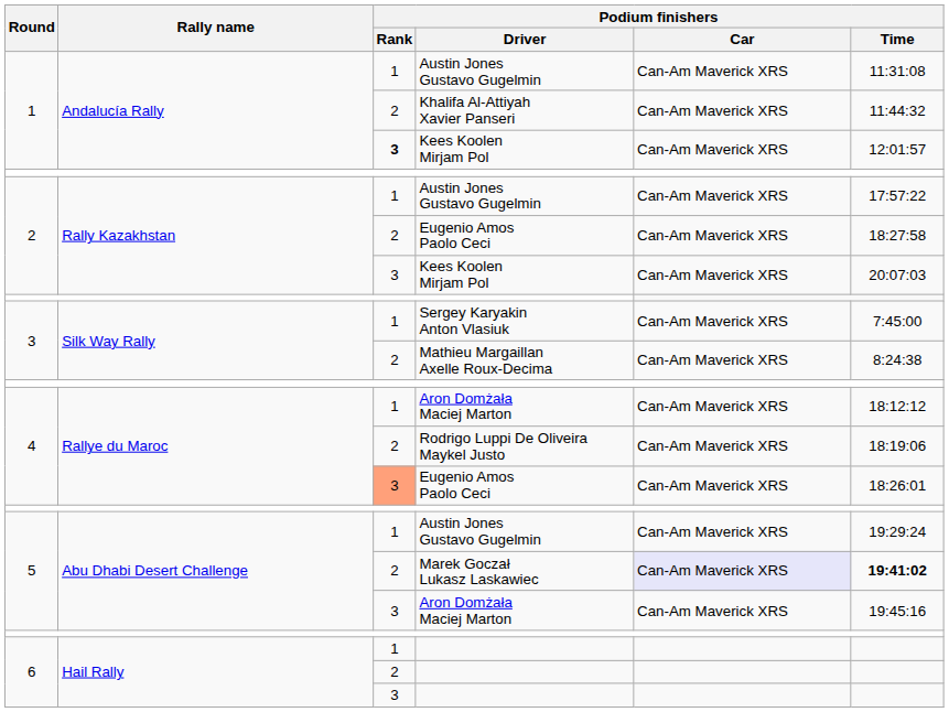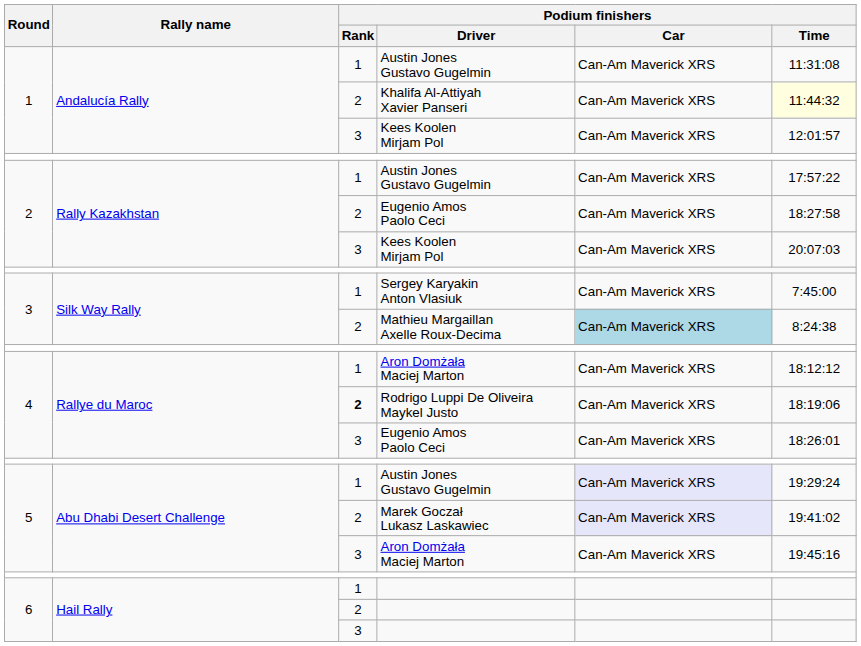 <table class="wikitable" style="font-size:85%;">
 <tr>
 <th rowspan=2>Round</th>
 <th style="width:22em" rowspan=2>Rally name</th>
 <th colspan=4>Podium finishers</th>
 </tr>
 <tr>
 <th>Rank</th>
 <th style="width:15em">Driver</th>
 <th style="width:15em">Car</th>
 <th style="width:6em">Time</th>
 </tr>
 <tr>
 <td rowspan=3 align=center>1</td>
 <td rowspan=3> <a href='#'>Andalucía Rally</a></td>
 <td align=center>1</td>
 <td> Austin Jones <br> Gustavo Gugelmin</td>
 <td>Can-Am Maverick XRS</td>
 <td align=center>11:31:08</td>
 </tr>
 <tr>
 <td align=center>2</td>
 <td> Khalifa Al-Attiyah <br> Xavier Panseri</td>
 <td>Can-Am Maverick XRS</td>
-<td align=center>11:44:32</td>
+<td align=center style="background: lightyellow;">11:44:32</td>
 </tr>
 <tr>
-<td align=center><strong>3</strong></td>
+<td align=center>3</td>
 <td> Kees Koolen <br> Mirjam Pol</td>
 <td>Can-Am Maverick XRS</td>
 <td align=center>12:01:57</td>
 </tr>
 <tr style="background:white;">
 <td colspan=6></td>
 </tr>
 <tr>
 <td rowspan=3 align=center>2</td>
 <td rowspan=3> <a href='#'>Rally Kazakhstan</a></td>
 <td align=center>1</td>
 <td> Austin Jones <br> Gustavo Gugelmin</td>
 <td>Can-Am Maverick XRS</td>
 <td align=center>17:57:22</td>
 </tr>
 <tr>
 <td align=center>2</td>
 <td> Eugenio Amos<br> Paolo Ceci</td>
 <td>Can-Am Maverick XRS</td>
 <td align=center>18:27:58</td>
 </tr>
 <tr>
 <td align=center>3</td>
 <td> Kees Koolen <br> Mirjam Pol</td>
 <td>Can-Am Maverick XRS</td>
 <td align=center>20:07:03</td>
 </tr>
 <tr style="background:white;">
 <td colspan=4></td>
 </tr>
 <tr>
 <td rowspan=2 align=center>3</td>
 <td rowspan=2> <a href='#'>Silk Way Rally</a></td>
 <td align=center>1</td>
 <td> Sergey Karyakin<br> Anton Vlasiuk</td>
 <td>Can-Am Maverick XRS</td>
 <td align=center>7:45:00</td>
 </tr>
 <tr>
 <td align=center>2</td>
 <td> Mathieu Margaillan<br> Axelle Roux-Decima</td>
-<td>Can-Am Maverick XRS</td>
+<td style="background: lightblue;">Can-Am Maverick XRS</td>
 <td align=center>8:24:38</td>
 </tr>
 <tr style="background:white;">
 <td colspan=6></td>
 </tr>
 <tr>
 <td rowspan="3" align="center">4</td>
 <td rowspan="3"> <a href='#'>Rallye du Maroc</a></td>
 <td align="center">1</td>
 <td> <a href='#'>Aron Domżała</a><br> Maciej Marton</td>
 <td>Can-Am Maverick XRS</td>
 <td align="center">18:12:12</td>
 </tr>
 <tr>
-<td align=center>2</td>
+<td align=center><strong>2</strong></td>
 <td> Rodrigo Luppi De Oliveira<br> Maykel Justo</td>
 <td>Can-Am Maverick XRS</td>
 <td align=center>18:19:06</td>
 </tr>
 <tr>
-<td align=center style="background: lightsalmon;">3</td>
+<td align=center>3</td>
 <td> Eugenio Amos<br> Paolo Ceci</td>
 <td>Can-Am Maverick XRS</td>
 <td align=center>18:26:01</td>
 </tr>
 <tr style="background:white;">
 <td colspan=6></td>
 </tr>
 <tr>
 <td rowspan=3 align=center>5</td>
 <td rowspan=3> <a href='#'>Abu Dhabi Desert Challenge</a></td>
 <td align=center>1</td>
 <td> Austin Jones<br> Gustavo Gugelmin</td>
-<td>Can-Am Maverick XRS</td>
+<td style="background: lavender;">Can-Am Maverick XRS</td>
 <td align=center>19:29:24</td>
 </tr>
 <tr>
 <td align=center>2</td>
 <td> Marek Goczał<br> Lukasz Laskawiec</td>
 <td style="background: lavender;">Can-Am Maverick XRS</td>
-<td align=center><strong>19:41:02</strong></td>
+<td align=center>19:41:02</td>
 </tr>
 <tr>
 <td align=center>3</td>
 <td> <a href='#'>Aron Domżała</a><br> Maciej Marton</td>
 <td>Can-Am Maverick XRS</td>
 <td align=center>19:45:16</td>
 </tr>
 <tr style="background:white;">
 <td colspan=6></td>
 </tr>
 <tr>
 <td rowspan=3 align=center>6</td>
 <td rowspan=3> <a href='#'>Hail Rally</a></td>
 <td align=center>1</td>
 <td></td>
 <td></td>
 <td align=center></td>
 </tr>
 <tr>
 <td align=center>2</td>
 <td></td>
 <td></td>
 <td align=center></td>
 </tr>
 <tr>
 <td align=center>3</td>
 <td></td>
 <td></td>
 <td align=center></td>
 </tr>
 </table>
